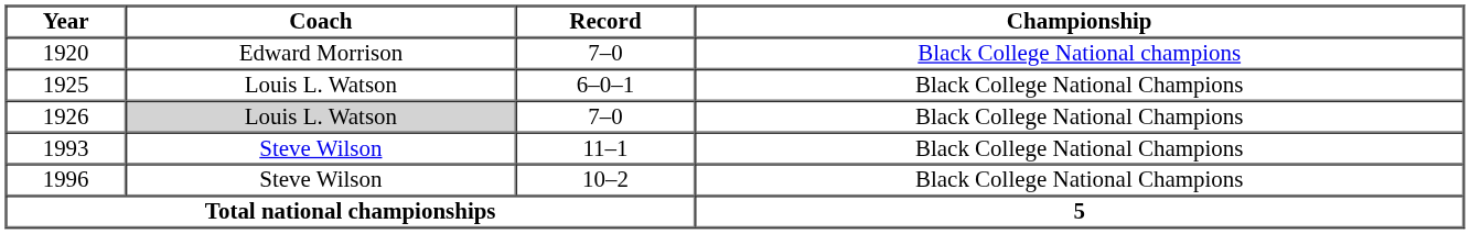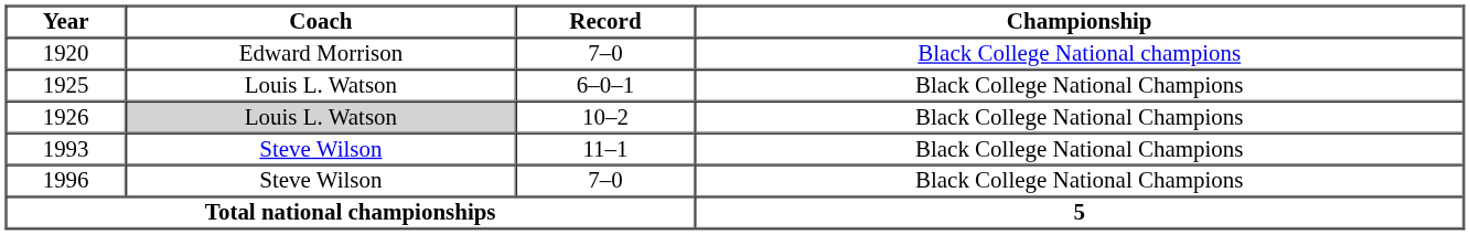 <table cellpadding="1" border="1" cellspacing="0" style="text-align:center; width:80%;">
 <tr>
 <th>Year</th>
 <th>Coach</th>
 <th>Record</th>
 <th>Championship</th>
 </tr>
 <tr>
 <td>1920</td>
 <td>Edward Morrison</td>
 <td>7–0</td>
 <td><a href='#'>Black College National champions</a></td>
 </tr>
 <tr>
 <td>1925</td>
 <td>Louis L. Watson</td>
 <td>6–0–1</td>
 <td>Black College National Champions</td>
 </tr>
 <tr>
 <td>1926</td>
 <td style="background: lightgrey;">Louis L. Watson</td>
-<td>7–0</td>
+<td>10–2</td>
 <td>Black College National Champions</td>
 </tr>
 <tr>
 <td>1993</td>
 <td><a href='#'>Steve Wilson</a></td>
 <td>11–1</td>
 <td>Black College National Champions</td>
 </tr>
 <tr>
 <td>1996</td>
 <td>Steve Wilson</td>
-<td>10–2</td>
+<td>7–0</td>
 <td>Black College National Champions</td>
 </tr>
 <tr>
 <td colspan="3"><strong>Total national championships</strong></td>
 <td colspan="2"><strong>5</strong></td>
 </tr>
 </table>
